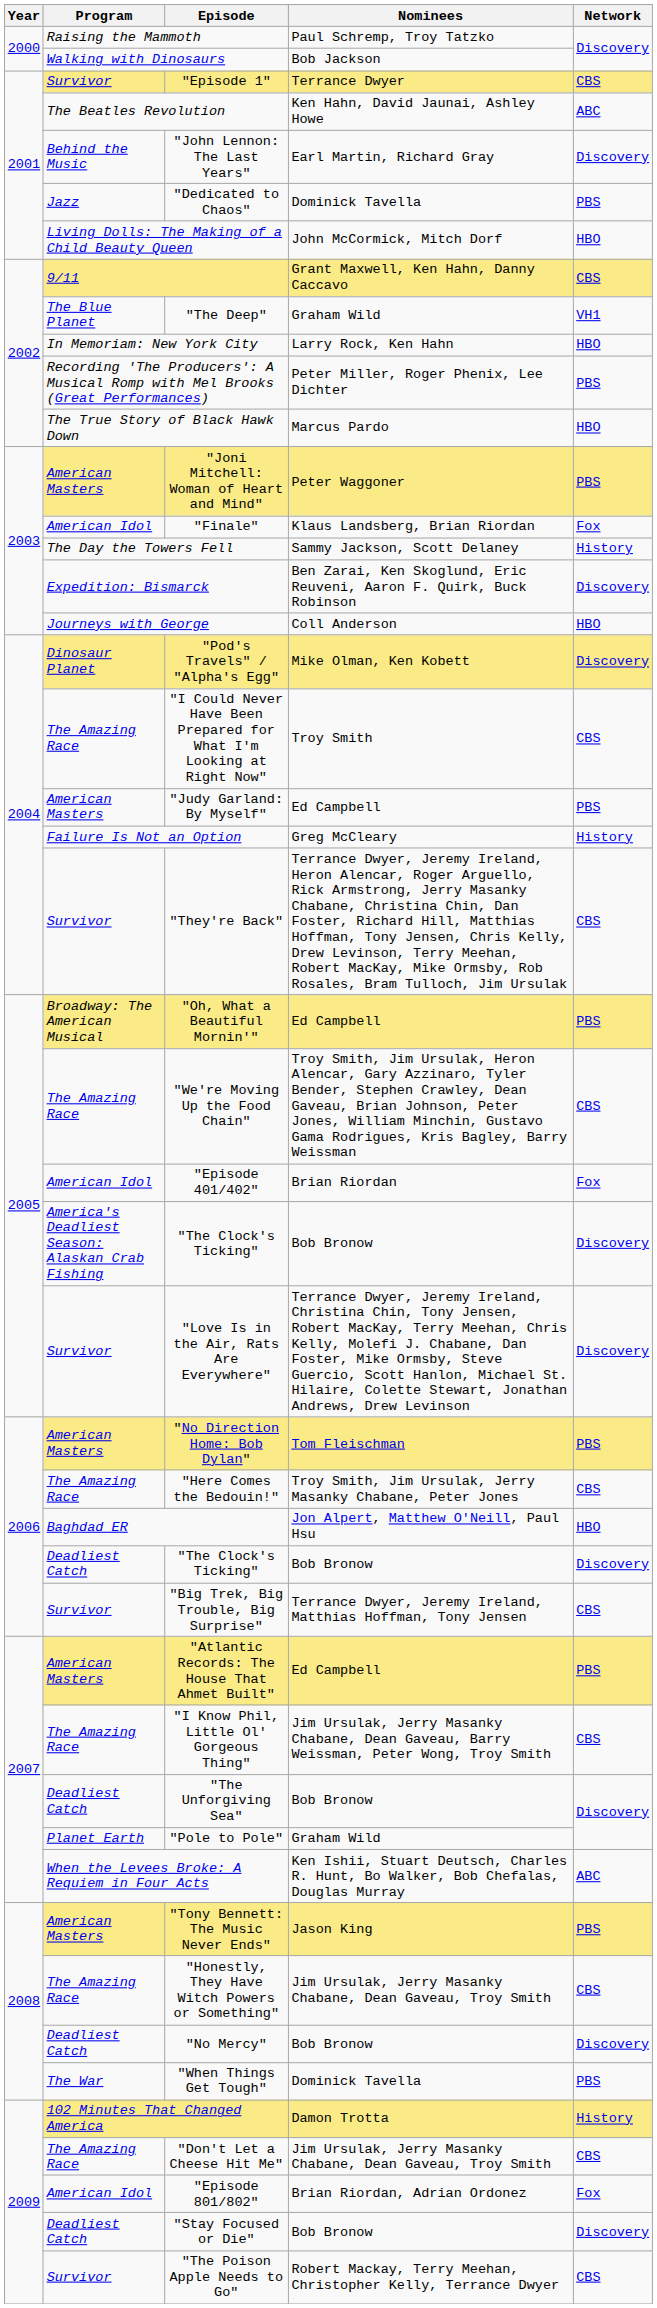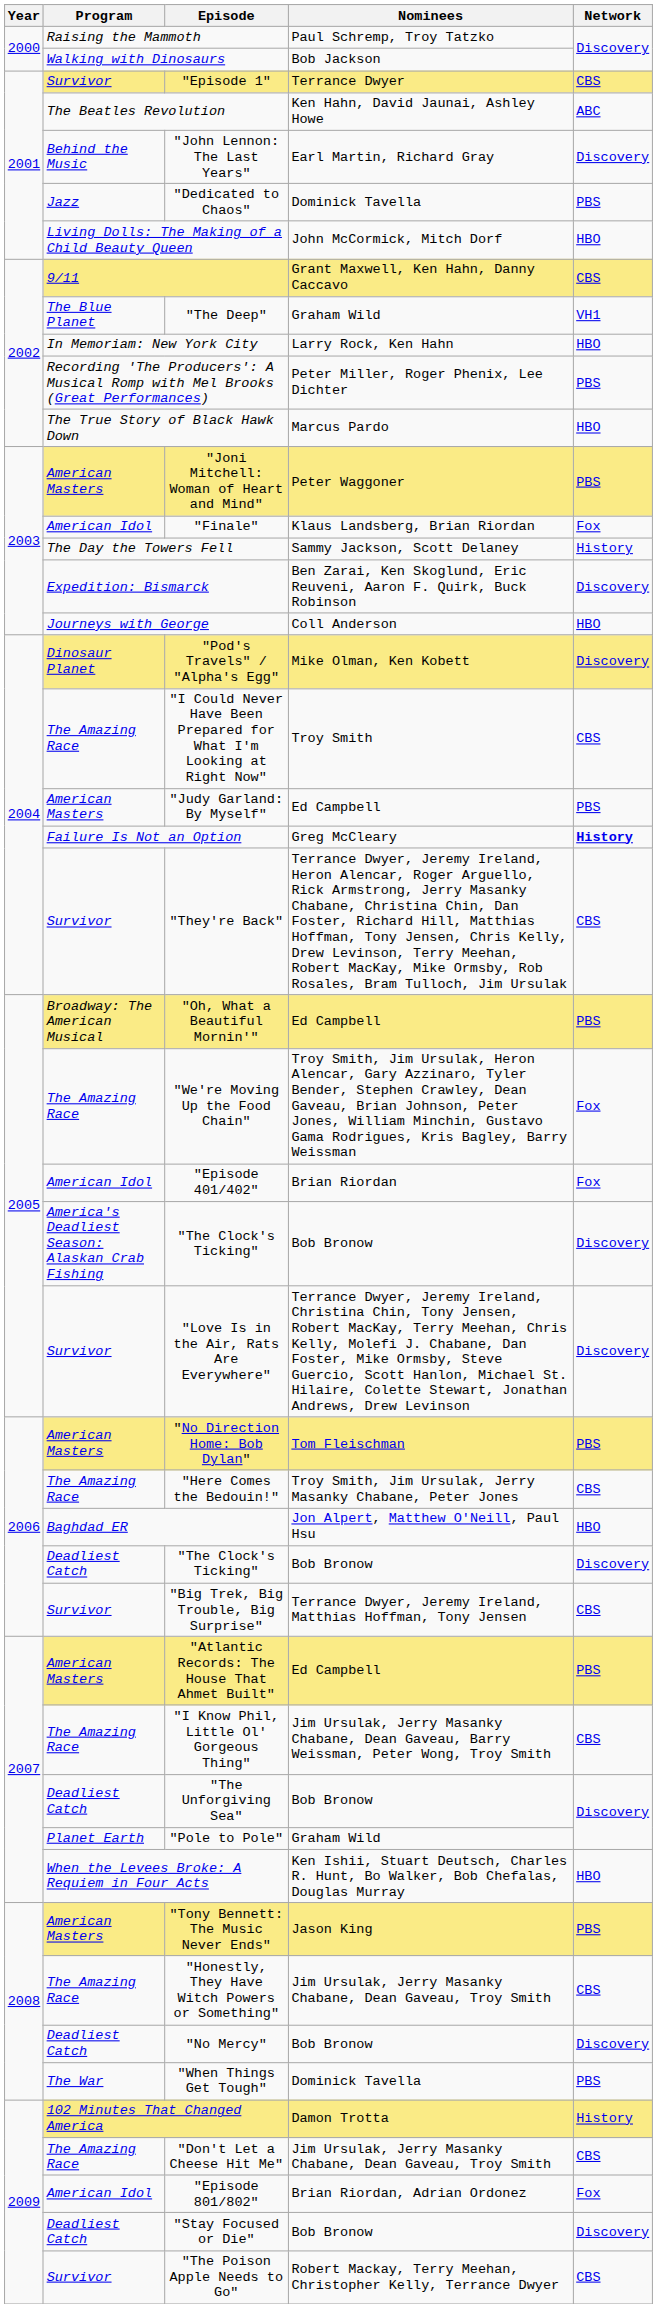 <table class="wikitable" style="width:100%">
 <tr style="background:#bebebe;">
 <th width="5%">Year</th>
 <th width="20%">Program</th>
 <th width="20%">Episode</th>
 <th width="50%">Nominees</th>
 <th width="5%">Network</th>
 </tr>
 <tr>
 <td rowspan=2 style="text-align:center;"><a href='#'>2000</a><br></td>
 <td colspan=2><em>Raising the Mammoth</em></td>
 <td>Paul Schremp, Troy Tatzko</td>
 <td rowspan=2><a href='#'>Discovery</a></td>
 </tr>
 <tr>
 <td colspan=2><em><a href='#'>Walking with Dinosaurs</a></em></td>
 <td>Bob Jackson</td>
 </tr>
 <tr>
 <td rowspan=5 style="text-align:center;"><a href='#'>2001</a><br></td>
 <td style="background:#FAEB86;"><em><a href='#'>Survivor</a></em></td>
 <td style="background:#FAEB86;" align=center>"Episode 1"</td>
 <td style="background:#FAEB86;">Terrance Dwyer</td>
 <td style="background:#FAEB86;"><a href='#'>CBS</a></td>
 </tr>
 <tr>
 <td colspan=2><em>The Beatles Revolution</em></td>
 <td>Ken Hahn, David Jaunai, Ashley Howe</td>
 <td><a href='#'>ABC</a></td>
 </tr>
 <tr>
 <td><em><a href='#'>Behind the Music</a></em></td>
 <td align=center>"John Lennon: The Last Years"</td>
 <td>Earl Martin, Richard Gray</td>
 <td><a href='#'>Discovery</a></td>
 </tr>
 <tr>
 <td><em><a href='#'>Jazz</a></em></td>
 <td align=center>"Dedicated to Chaos"</td>
 <td>Dominick Tavella</td>
 <td><a href='#'>PBS</a></td>
 </tr>
 <tr>
 <td colspan=2><em><a href='#'>Living Dolls: The Making of a Child Beauty Queen</a></em></td>
 <td>John McCormick, Mitch Dorf</td>
 <td><a href='#'>HBO</a></td>
 </tr>
 <tr>
 <td rowspan=5 style="text-align:center;"><a href='#'>2002</a><br></td>
 <td style="background:#FAEB86;" colspan=2><em><a href='#'>9/11</a></em></td>
 <td style="background:#FAEB86;">Grant Maxwell, Ken Hahn, Danny Caccavo</td>
 <td style="background:#FAEB86;"><a href='#'>CBS</a></td>
 </tr>
 <tr>
 <td><em><a href='#'>The Blue Planet</a></em></td>
 <td align=center>"The Deep"</td>
 <td>Graham Wild</td>
 <td><a href='#'>VH1</a></td>
 </tr>
 <tr>
 <td colspan=2><em>In Memoriam: New York City</em></td>
 <td>Larry Rock, Ken Hahn</td>
 <td><a href='#'>HBO</a></td>
 </tr>
 <tr>
 <td colspan=2><em>Recording 'The Producers': A Musical Romp with Mel Brooks (<a href='#'>Great Performances</a>)</em></td>
 <td>Peter Miller, Roger Phenix, Lee Dichter</td>
 <td><a href='#'>PBS</a></td>
 </tr>
 <tr>
 <td colspan=2><em>The True Story of Black Hawk Down</em></td>
 <td>Marcus Pardo</td>
 <td><a href='#'>HBO</a></td>
 </tr>
 <tr>
 <td rowspan=5 style="text-align:center;"><a href='#'>2003</a><br></td>
 <td style="background:#FAEB86;"><em><a href='#'>American Masters</a></em></td>
 <td style="background:#FAEB86;"  align=center>"Joni Mitchell: Woman of Heart and Mind"</td>
 <td style="background:#FAEB86;">Peter Waggoner</td>
 <td style="background:#FAEB86;"><a href='#'>PBS</a></td>
 </tr>
 <tr>
 <td><em><a href='#'>American Idol</a></em></td>
 <td align=center>"Finale"</td>
 <td>Klaus Landsberg, Brian Riordan</td>
 <td><a href='#'>Fox</a></td>
 </tr>
 <tr>
 <td colspan=2><em>The Day the Towers Fell</em></td>
 <td>Sammy Jackson, Scott Delaney</td>
 <td><a href='#'>History</a></td>
 </tr>
 <tr>
 <td colspan=2><em><a href='#'>Expedition: Bismarck</a></em></td>
 <td>Ben Zarai, Ken Skoglund, Eric Reuveni, Aaron F. Quirk, Buck Robinson</td>
 <td><a href='#'>Discovery</a></td>
 </tr>
 <tr>
 <td colspan=2><em><a href='#'>Journeys with George</a></em></td>
 <td>Coll Anderson</td>
 <td><a href='#'>HBO</a></td>
 </tr>
 <tr>
 <td rowspan=5 style="text-align:center;"><a href='#'>2004</a><br></td>
 <td style="background:#FAEB86;"><em><a href='#'>Dinosaur Planet</a></em></td>
 <td style="background:#FAEB86;"  align=center>"Pod's Travels" / "Alpha's Egg"</td>
 <td style="background:#FAEB86;">Mike Olman, Ken Kobett</td>
 <td style="background:#FAEB86;"><a href='#'>Discovery</a></td>
 </tr>
 <tr>
 <td><em><a href='#'>The Amazing Race</a></em></td>
 <td align=center>"I Could Never Have Been Prepared for What I'm Looking at Right Now"</td>
 <td>Troy Smith</td>
 <td><a href='#'>CBS</a></td>
 </tr>
 <tr>
 <td><em><a href='#'>American Masters</a></em></td>
 <td align=center>"Judy Garland: By Myself"</td>
 <td>Ed Campbell</td>
 <td><a href='#'>PBS</a></td>
 </tr>
 <tr>
 <td colspan=2><em><a href='#'>Failure Is Not an Option</a></em></td>
 <td>Greg McCleary</td>
-<td><a href='#'>History</a></td>
+<td><strong><a href='#'>History</a></strong></td>
 </tr>
 <tr>
 <td><em><a href='#'>Survivor</a></em></td>
 <td align=center>"They're Back"</td>
 <td>Terrance Dwyer, Jeremy Ireland, Heron Alencar, Roger Arguello, Rick Armstrong, Jerry Masanky Chabane, Christina Chin, Dan Foster, Richard Hill, Matthias Hoffman, Tony Jensen, Chris Kelly, Drew Levinson, Terry Meehan, Robert MacKay, Mike Ormsby, Rob Rosales, Bram Tulloch, Jim Ursulak</td>
 <td><a href='#'>CBS</a></td>
 </tr>
 <tr>
 <td rowspan=5 style="text-align:center;"><a href='#'>2005</a><br></td>
 <td style="background:#FAEB86;"><em>Broadway: The American Musical</em></td>
 <td style="background:#FAEB86;"  align=center>"Oh, What a Beautiful Mornin'"</td>
 <td style="background:#FAEB86;">Ed Campbell</td>
 <td style="background:#FAEB86;"><a href='#'>PBS</a></td>
 </tr>
 <tr>
 <td><em><a href='#'>The Amazing Race</a></em></td>
 <td align=center>"We're Moving Up the Food Chain"</td>
 <td>Troy Smith, Jim Ursulak, Heron Alencar, Gary Azzinaro, Tyler Bender, Stephen Crawley, Dean Gaveau, Brian Johnson, Peter Jones, William Minchin, Gustavo Gama Rodrigues, Kris Bagley, Barry Weissman</td>
-<td><a href='#'>CBS</a></td>
+<td><a href='#'>Fox</a></td>
 </tr>
 <tr>
 <td><em><a href='#'>American Idol</a></em></td>
 <td align=center>"Episode 401/402"</td>
 <td>Brian Riordan</td>
 <td><a href='#'>Fox</a></td>
 </tr>
 <tr>
 <td><em><a href='#'>America's Deadliest Season: Alaskan Crab Fishing</a></em></td>
 <td align=center>"The Clock's Ticking"</td>
 <td>Bob Bronow</td>
 <td><a href='#'>Discovery</a></td>
 </tr>
 <tr>
 <td><em><a href='#'>Survivor</a></em></td>
 <td align=center>"Love Is in the Air, Rats Are Everywhere"</td>
 <td>Terrance Dwyer, Jeremy Ireland, Christina Chin, Tony Jensen, Robert MacKay, Terry Meehan, Chris Kelly, Molefi J. Chabane, Dan Foster, Mike Ormsby, Steve Guercio, Scott Hanlon, Michael St. Hilaire, Colette Stewart, Jonathan Andrews, Drew Levinson</td>
 <td><a href='#'>Discovery</a></td>
 </tr>
 <tr>
 <td rowspan=5 style="text-align:center;"><a href='#'>2006</a><br></td>
 <td style="background:#FAEB86;"><em><a href='#'>American Masters</a></em></td>
 <td style="background:#FAEB86;"  align=center>"<a href='#'>No Direction Home: Bob Dylan</a>"</td>
 <td style="background:#FAEB86;"><a href='#'>Tom Fleischman</a></td>
 <td style="background:#FAEB86;"><a href='#'>PBS</a></td>
 </tr>
 <tr>
 <td><em><a href='#'>The Amazing Race</a></em></td>
 <td align=center>"Here Comes the Bedouin!"</td>
 <td>Troy Smith, Jim Ursulak, Jerry Masanky Chabane, Peter Jones</td>
 <td><a href='#'>CBS</a></td>
 </tr>
 <tr>
 <td colspan=2><em><a href='#'>Baghdad ER</a></em></td>
 <td><a href='#'>Jon Alpert</a>, <a href='#'>Matthew O'Neill</a>, Paul Hsu</td>
 <td><a href='#'>HBO</a></td>
 </tr>
 <tr>
 <td><em><a href='#'>Deadliest Catch</a></em></td>
 <td align=center>"The Clock's Ticking"</td>
 <td>Bob Bronow</td>
 <td><a href='#'>Discovery</a></td>
 </tr>
 <tr>
 <td><em><a href='#'>Survivor</a></em></td>
 <td align=center>"Big Trek, Big Trouble, Big Surprise"</td>
 <td>Terrance Dwyer, Jeremy Ireland, Matthias Hoffman, Tony Jensen</td>
 <td><a href='#'>CBS</a></td>
 </tr>
 <tr>
 <td rowspan=5 style="text-align:center;"><a href='#'>2007</a><br></td>
 <td style="background:#FAEB86;"><em><a href='#'>American Masters</a></em></td>
 <td style="background:#FAEB86;"  align=center>"Atlantic Records: The House That Ahmet Built"</td>
 <td style="background:#FAEB86;">Ed Campbell</td>
 <td style="background:#FAEB86;"><a href='#'>PBS</a></td>
 </tr>
 <tr>
 <td><em><a href='#'>The Amazing Race</a></em></td>
 <td align=center>"I Know Phil, Little Ol' Gorgeous Thing"</td>
 <td>Jim Ursulak, Jerry Masanky Chabane, Dean Gaveau, Barry Weissman, Peter Wong, Troy Smith</td>
 <td><a href='#'>CBS</a></td>
 </tr>
 <tr>
 <td><em><a href='#'>Deadliest Catch</a></em></td>
 <td align=center>"The Unforgiving Sea"</td>
 <td>Bob Bronow</td>
 <td rowspan=2><a href='#'>Discovery</a></td>
 </tr>
 <tr>
 <td><em><a href='#'>Planet Earth</a></em></td>
 <td align=center>"Pole to Pole"</td>
 <td>Graham Wild</td>
 </tr>
 <tr>
 <td colspan=2><em><a href='#'>When the Levees Broke: A Requiem in Four Acts</a></em></td>
 <td>Ken Ishii, Stuart Deutsch, Charles R. Hunt, Bo Walker, Bob Chefalas, Douglas Murray</td>
-<td><a href='#'>ABC</a></td>
+<td><a href='#'>HBO</a></td>
 </tr>
 <tr>
 <td rowspan=4 style="text-align:center;"><a href='#'>2008</a><br></td>
 <td style="background:#FAEB86;"><em><a href='#'>American Masters</a></em></td>
 <td style="background:#FAEB86;"  align=center>"Tony Bennett: The Music Never Ends"</td>
 <td style="background:#FAEB86;">Jason King</td>
 <td style="background:#FAEB86;"><a href='#'>PBS</a></td>
 </tr>
 <tr>
 <td><em><a href='#'>The Amazing Race</a></em></td>
 <td align=center>"Honestly, They Have Witch Powers or Something"</td>
 <td>Jim Ursulak, Jerry Masanky Chabane, Dean Gaveau, Troy Smith</td>
 <td><a href='#'>CBS</a></td>
 </tr>
 <tr>
 <td><em><a href='#'>Deadliest Catch</a></em></td>
 <td align=center>"No Mercy"</td>
 <td>Bob Bronow</td>
 <td><a href='#'>Discovery</a></td>
 </tr>
 <tr>
 <td><em><a href='#'>The War</a></em></td>
 <td align=center>"When Things Get Tough"</td>
 <td>Dominick Tavella</td>
 <td><a href='#'>PBS</a></td>
 </tr>
 <tr>
 <td rowspan=5 style="text-align:center;"><a href='#'>2009</a><br></td>
 <td style="background:#FAEB86;" colspan=2><em><a href='#'>102 Minutes That Changed America</a></em></td>
 <td style="background:#FAEB86;">Damon Trotta</td>
 <td style="background:#FAEB86;"><a href='#'>History</a></td>
 </tr>
 <tr>
 <td><em><a href='#'>The Amazing Race</a></em></td>
 <td align=center>"Don't Let a Cheese Hit Me"</td>
 <td>Jim Ursulak, Jerry Masanky Chabane, Dean Gaveau, Troy Smith</td>
 <td><a href='#'>CBS</a></td>
 </tr>
 <tr>
 <td><em><a href='#'>American Idol</a></em></td>
 <td align=center>"Episode 801/802"</td>
 <td>Brian Riordan, Adrian Ordonez</td>
 <td><a href='#'>Fox</a></td>
 </tr>
 <tr>
 <td><em><a href='#'>Deadliest Catch</a></em></td>
 <td align=center>"Stay Focused or Die"</td>
 <td>Bob Bronow</td>
 <td><a href='#'>Discovery</a></td>
 </tr>
 <tr>
 <td><em><a href='#'>Survivor</a></em></td>
 <td align=center>"The Poison Apple Needs to Go"</td>
 <td>Robert Mackay, Terry Meehan, Christopher Kelly, Terrance Dwyer</td>
 <td><a href='#'>CBS</a></td>
 </tr>
 </table>
